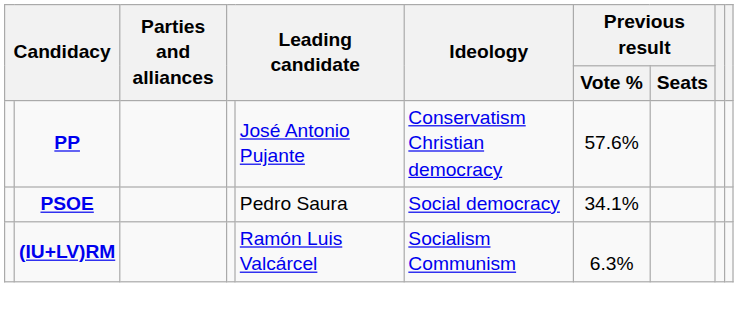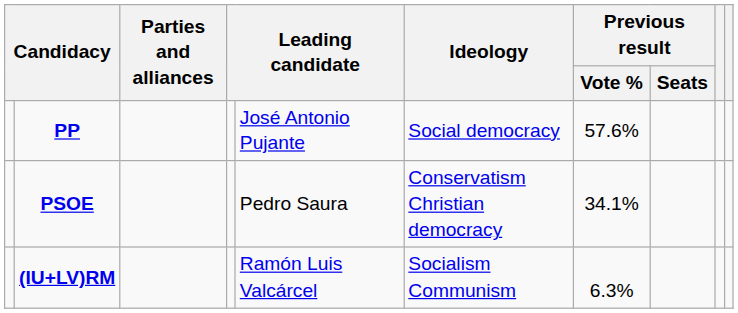 <table class="wikitable" style="line-height:1.35em; text-align:left;">
 <tr>
 <th colspan="2" rowspan="2">Candidacy</th>
 <th rowspan="2">Parties and<br>alliances</th>
 <th colspan="2" rowspan="2">Leading candidate</th>
 <th rowspan="2">Ideology</th>
 <th colspan="2">Previous result</th>
 <th rowspan="2"></th>
 <th rowspan="2"></th>
 </tr>
 <tr>
 <th>Vote %</th>
 <th>Seats</th>
 </tr>
 <tr>
 <td width="1" style="color:inherit;background:"></td>
 <td align="center"><strong><a href='#'>PP</a></strong></td>
 <td></td>
 <td></td>
 <td><a href='#'>José Antonio Pujante</a></td>
-<td><a href='#'>Conservatism</a><br><a href='#'>Christian democracy</a></td>
+<td><a href='#'>Social democracy</a></td>
 <td align="center">57.6%</td>
 <td></td>
 <td></td>
 <td></td>
 </tr>
 <tr>
 <td style="color:inherit;background:"></td>
 <td align="center"><strong><a href='#'>PSOE</a></strong></td>
 <td></td>
 <td></td>
 <td>Pedro Saura</td>
-<td><a href='#'>Social democracy</a></td>
+<td><a href='#'>Conservatism</a><br><a href='#'>Christian democracy</a></td>
 <td align="center">34.1%</td>
 <td></td>
 <td></td>
 <td><br></td>
 </tr>
 <tr>
 <td style="color:inherit;background:"></td>
 <td align="center"><strong><a href='#'>(IU+LV)RM</a></strong></td>
 <td></td>
 <td></td>
 <td><a href='#'>Ramón Luis Valcárcel</a></td>
 <td><a href='#'>Socialism</a><br><a href='#'>Communism</a></td>
 <td align="center"><br>6.3%<br></td>
 <td></td>
 <td></td>
 <td></td>
 </tr>
 </table>
